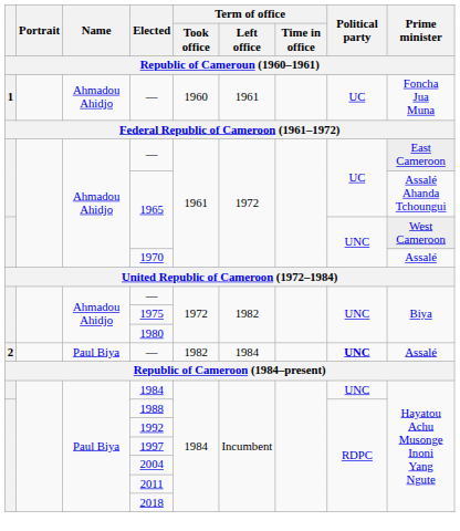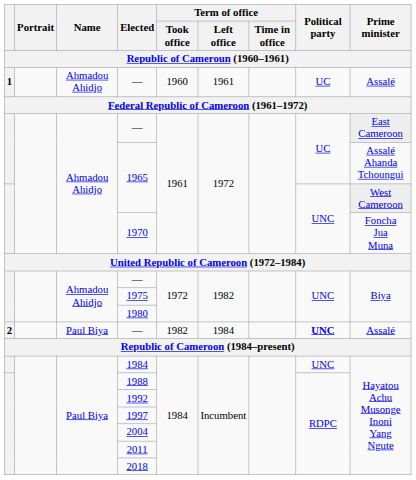 <table class="wikitable" style="text-align:center">
 <tr>
 <th rowspan="2"></th>
 <th rowspan="2">Portrait</th>
 <th rowspan="2">Name<br></th>
 <th rowspan="2">Elected</th>
 <th colspan="3">Term of office</th>
 <th rowspan="2">Political party</th>
 <th rowspan="2">Prime minister</th>
 </tr>
 <tr>
 <th>Took office</th>
 <th>Left office</th>
 <th>Time in office</th>
 </tr>
 <tr>
 <th colspan="9"><a href='#'>Republic of Cameroun</a> (1960–1961)</th>
 </tr>
 <tr>
 <th style="background:">1</th>
 <td></td>
 <td><a href='#'>Ahmadou Ahidjo</a><br></td>
 <td>—</td>
 <td> 1960</td>
 <td> 1961</td>
 <td></td>
 <td><a href='#'>UC</a></td>
-<td><a href='#'>Foncha</a><br><a href='#'>Jua</a><br><a href='#'>Muna</a></td>
+<td><a href='#'>Assalé</a></td>
 </tr>
 <tr>
 <th colspan="9"><a href='#'>Federal Republic of Cameroon</a> (1961–1972)</th>
 </tr>
 <tr>
 <th rowspan=2 style="background:"></th>
 <td rowspan=4></td>
 <td rowspan=4><a href='#'>Ahmadou Ahidjo</a><br></td>
 <td>—</td>
 <td rowspan=4> 1961</td>
 <td rowspan=4> 1972</td>
 <td rowspan=4></td>
 <td rowspan=2><a href='#'>UC</a><br></td>
 <td bgcolor=#EEEEEE><a href='#'>East Cameroon</a></td>
 </tr>
 <tr>
 <td rowspan=2><a href='#'>1965</a></td>
 <td><a href='#'>Assalé</a><br><a href='#'>Ahanda</a><br><a href='#'>Tchoungui</a></td>
 </tr>
 <tr>
 <th rowspan=2 style="background:"></th>
 <td rowspan=2><a href='#'>UNC</a></td>
 <td bgcolor=#EEEEEE><a href='#'>West Cameroon</a></td>
 </tr>
 <tr>
 <td><a href='#'>1970</a></td>
-<td><a href='#'>Assalé</a></td>
+<td><a href='#'>Foncha</a><br><a href='#'>Jua</a><br><a href='#'>Muna</a></td>
 </tr>
 <tr>
 <th colspan="9"><a href='#'>United Republic of Cameroon</a> (1972–1984)</th>
 </tr>
 <tr>
 <th rowspan=3 style="background:"></th>
 <td rowspan=3></td>
 <td rowspan=3><a href='#'>Ahmadou Ahidjo</a><br></td>
 <td>—</td>
 <td rowspan=3> 1972</td>
 <td rowspan=3> 1982<br></td>
 <td rowspan=3></td>
 <td rowspan=3><a href='#'>UNC</a></td>
 <td rowspan=3><a href='#'>Biya</a></td>
 </tr>
 <tr>
 <td><a href='#'>1975</a></td>
 </tr>
 <tr>
 <td><a href='#'>1980</a></td>
 </tr>
 <tr>
 <th style="background:">2</th>
 <td></td>
 <td><a href='#'>Paul Biya</a><br></td>
 <td>—</td>
 <td> 1982</td>
 <td> 1984</td>
 <td></td>
 <td><strong><a href='#'>UNC</a></strong></td>
 <td><a href='#'>Assalé</a></td>
 </tr>
 <tr>
 <th colspan="9"><a href='#'>Republic of Cameroon</a> (1984–present)</th>
 </tr>
 <tr>
 <th style="background:"></th>
 <td rowspan=8></td>
 <td rowspan=8><a href='#'>Paul Biya</a><br></td>
 <td rowspan=2><a href='#'>1984</a></td>
 <td rowspan=8> 1984</td>
 <td rowspan=8>Incumbent</td>
 <td rowspan=8></td>
 <td><a href='#'>UNC</a><br></td>
 <td rowspan=8><a href='#'>Hayatou</a><br><a href='#'>Achu</a><br><a href='#'>Musonge</a><br><a href='#'>Inoni</a><br><a href='#'>Yang</a><br><a href='#'>Ngute</a></td>
 </tr>
 <tr>
 <th rowspan=7 style="background:"></th>
 <td rowspan=7><a href='#'>RDPC</a></td>
 </tr>
 <tr>
 <td><a href='#'>1988</a></td>
 </tr>
 <tr>
 <td><a href='#'>1992</a></td>
 </tr>
 <tr>
 <td><a href='#'>1997</a></td>
 </tr>
 <tr>
 <td><a href='#'>2004</a></td>
 </tr>
 <tr>
 <td><a href='#'>2011</a></td>
 </tr>
 <tr>
 <td><a href='#'>2018</a></td>
 </tr>
 </table>
